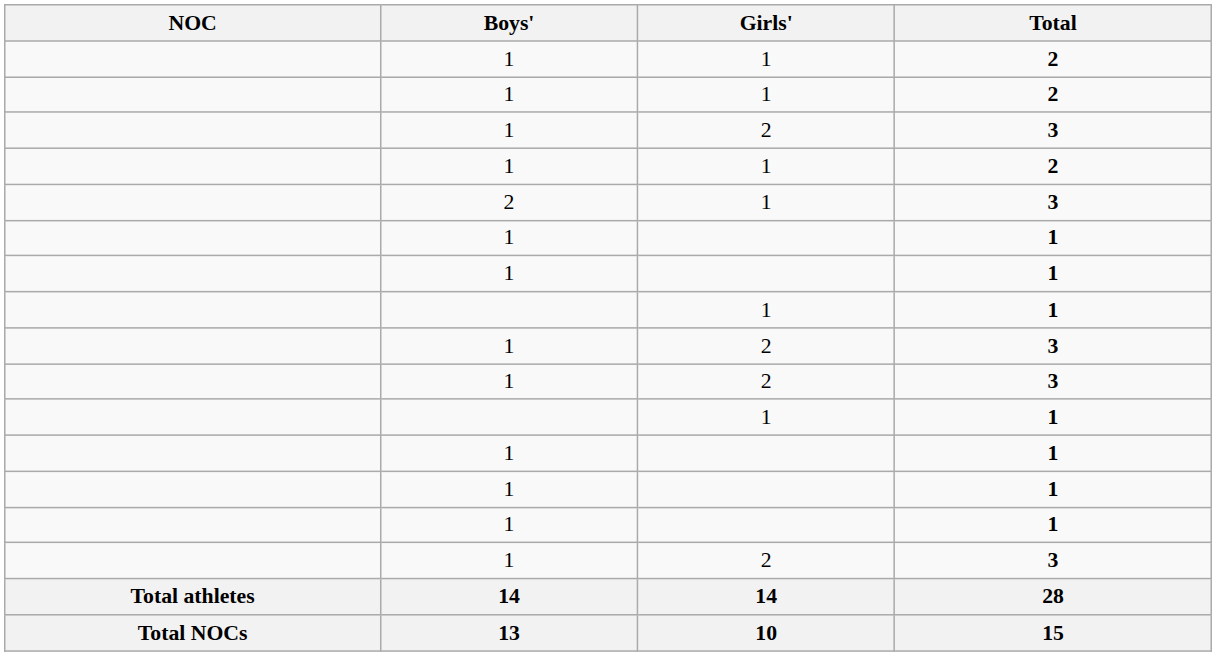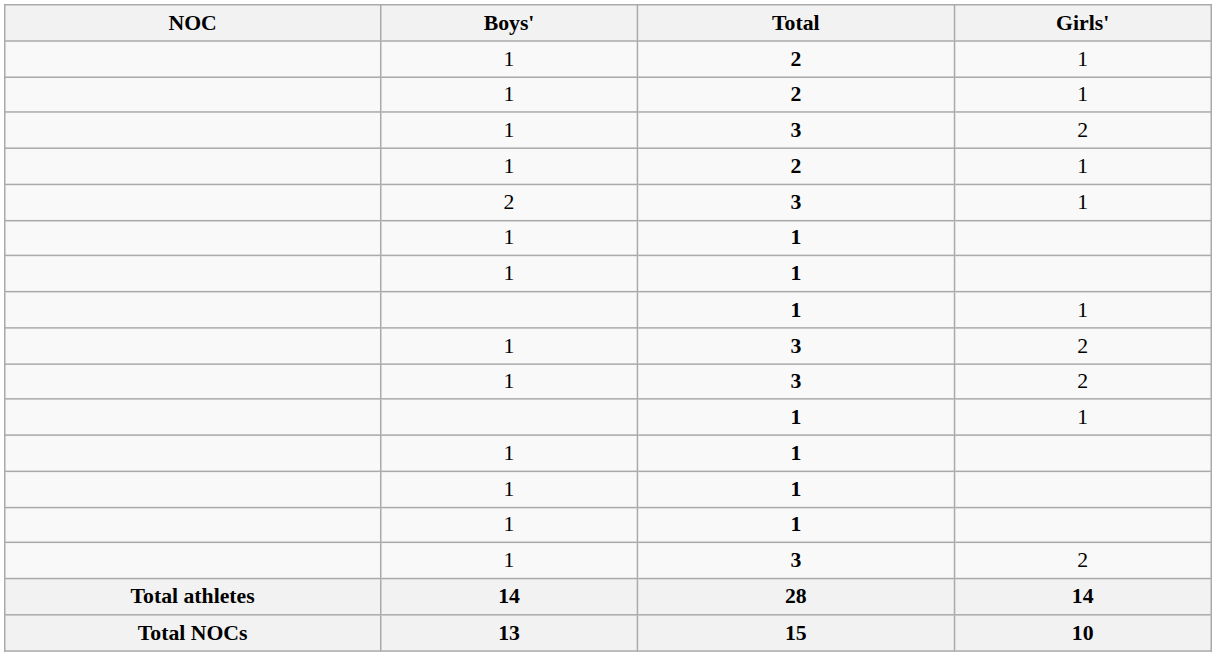 <table class="wikitable collapsible sortable"  style="width:800px; text-align:center; font-size:90%;">
 <tr>
 <th style="text-align:center; width:120px;"><strong>NOC</strong></th>
 <th width=80><strong>Boys' </strong></th>
+<th width=100><strong>Total</strong></th>
 <th width=80><strong>Girls' </strong></th>
-<th width=100><strong>Total</strong></th>
 </tr>
 <tr>
 <td align=left></td>
 <td>1</td>
+<td><strong>2</strong></td>
 <td>1</td>
-<td><strong>2</strong></td>
 </tr>
 <tr>
 <td align=left></td>
 <td>1</td>
+<td><strong>2</strong></td>
 <td>1</td>
-<td><strong>2</strong></td>
 </tr>
 <tr>
 <td align=left></td>
 <td>1</td>
+<td><strong>3</strong></td>
 <td>2</td>
-<td><strong>3</strong></td>
 </tr>
 <tr>
 <td align=left></td>
 <td>1</td>
+<td><strong>2</strong></td>
 <td>1</td>
-<td><strong>2</strong></td>
 </tr>
 <tr>
 <td align=left></td>
 <td>2</td>
+<td><strong>3</strong></td>
 <td>1</td>
-<td><strong>3</strong></td>
 </tr>
 <tr>
 <td align=left></td>
 <td>1</td>
+<td><strong>1</strong></td>
 <td></td>
-<td><strong>1</strong></td>
 </tr>
 <tr>
 <td align=left></td>
 <td>1</td>
+<td><strong>1</strong></td>
 <td></td>
-<td><strong>1</strong></td>
 </tr>
 <tr>
 <td align=left></td>
 <td></td>
+<td><strong>1</strong></td>
 <td>1</td>
-<td><strong>1</strong></td>
 </tr>
 <tr>
 <td align=left></td>
 <td>1</td>
+<td><strong>3</strong></td>
 <td>2</td>
-<td><strong>3</strong></td>
 </tr>
 <tr>
 <td align=left></td>
 <td>1</td>
+<td><strong>3</strong></td>
 <td>2</td>
-<td><strong>3</strong></td>
 </tr>
 <tr>
 <td align=left></td>
 <td></td>
+<td><strong>1</strong></td>
 <td>1</td>
-<td><strong>1</strong></td>
 </tr>
 <tr>
 <td align=left></td>
 <td>1</td>
+<td><strong>1</strong></td>
 <td></td>
-<td><strong>1</strong></td>
 </tr>
 <tr>
 <td align=left></td>
 <td>1</td>
+<td><strong>1</strong></td>
 <td></td>
-<td><strong>1</strong></td>
 </tr>
 <tr>
 <td align=left></td>
 <td>1</td>
+<td><strong>1</strong></td>
 <td></td>
-<td><strong>1</strong></td>
 </tr>
 <tr>
 <td align=left></td>
 <td>1</td>
+<td><strong>3</strong></td>
 <td>2</td>
-<td><strong>3</strong></td>
 </tr>
 <tr class="sortbottom">
 <th>Total athletes</th>
 <th>14</th>
+<th><strong>28</strong></th>
 <th>14</th>
-<th><strong>28</strong></th>
 </tr>
 <tr class="sortbottom">
 <th>Total NOCs</th>
 <th>13</th>
+<th><strong>15</strong></th>
 <th>10</th>
-<th><strong>15</strong></th>
 </tr>
 </table>
